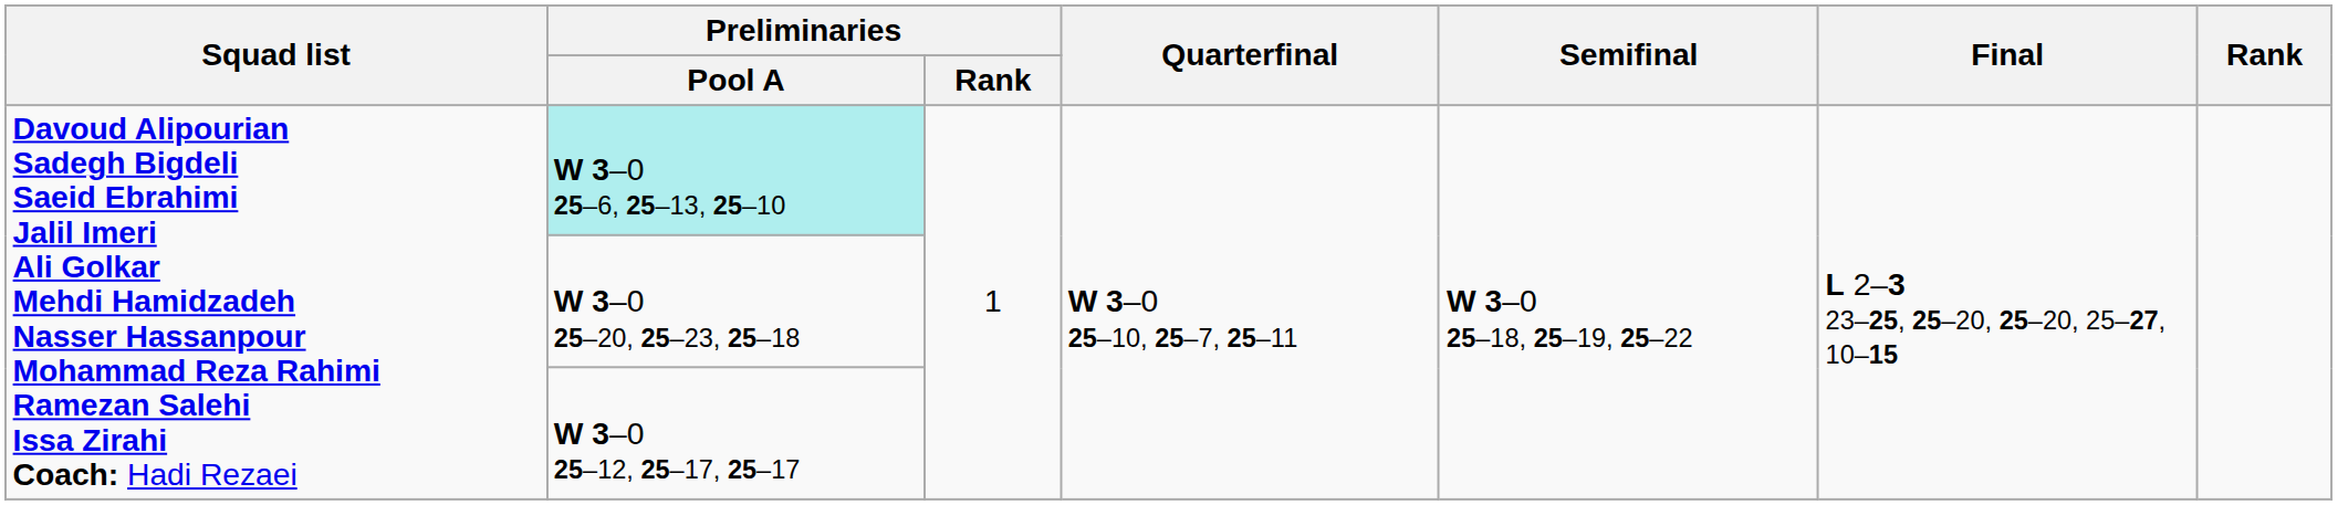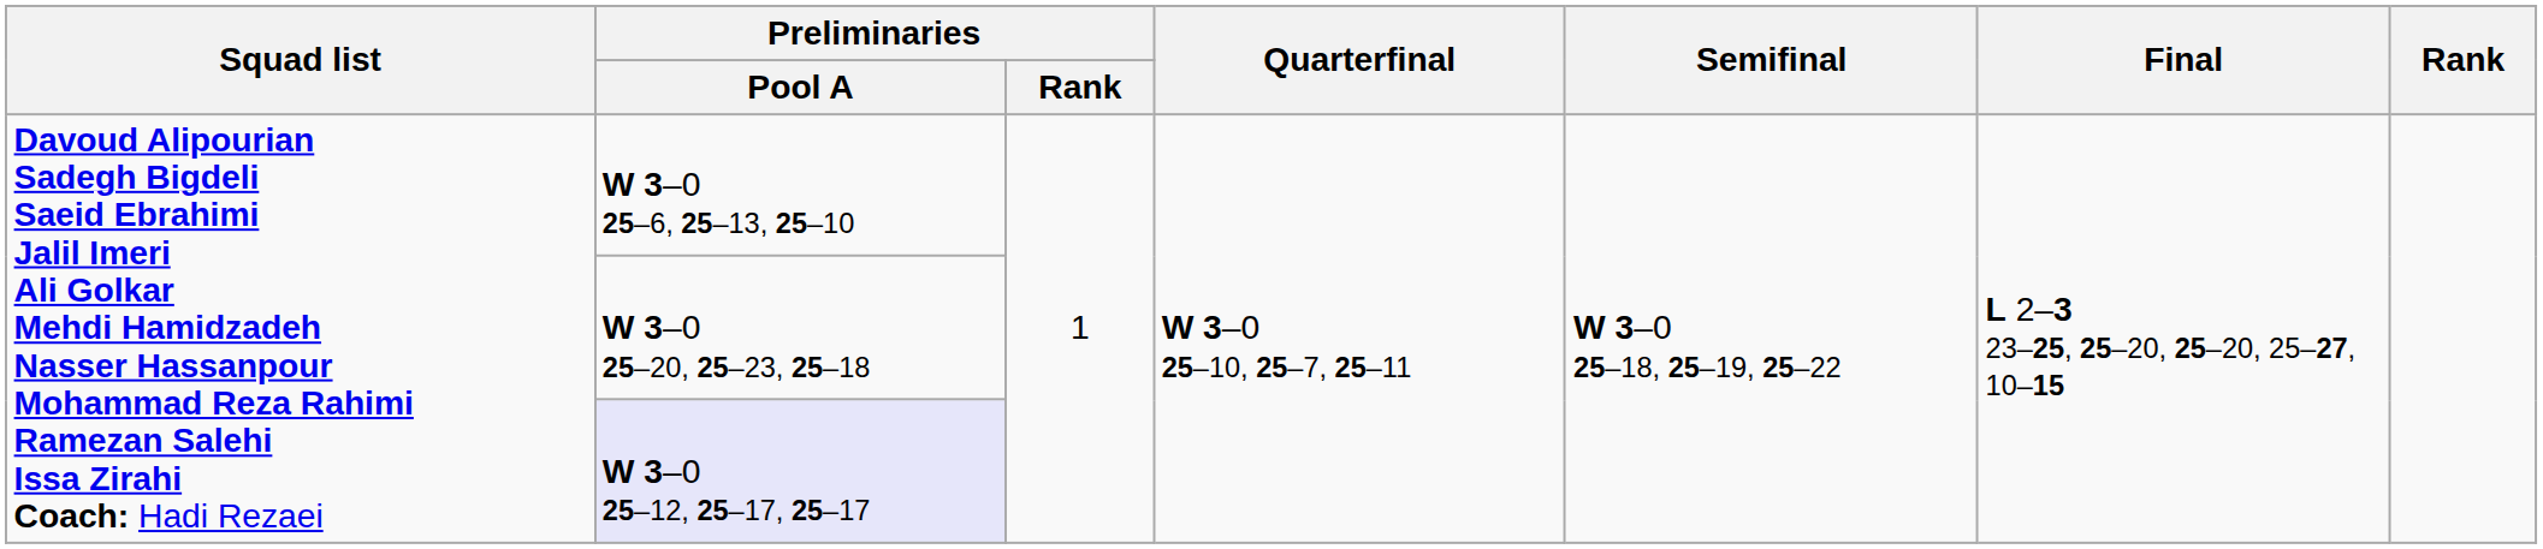 <table class="wikitable" width="85%" style="text-align:left; font-size:90%">
 <tr>
 <th rowspan="2" width="20%">Squad list</th>
 <th colspan="2">Preliminaries</th>
 <th rowspan="2" width="14%">Quarterfinal</th>
 <th rowspan="2" width="14%">Semifinal</th>
 <th rowspan="2" width="14%">Final</th>
 <th rowspan="2" width="5%">Rank</th>
 </tr>
 <tr>
 <th width="14%">Pool A</th>
 <th width="5%">Rank</th>
 </tr>
 <tr>
 <td rowspan="3"><strong><a href='#'>Davoud Alipourian</a><br><a href='#'>Sadegh Bigdeli</a><br><a href='#'>Saeid Ebrahimi</a><br><a href='#'>Jalil Imeri</a><br><a href='#'>Ali Golkar</a><br><a href='#'>Mehdi Hamidzadeh</a><br><a href='#'>Nasser Hassanpour</a><br><a href='#'>Mohammad Reza Rahimi</a><br><a href='#'>Ramezan Salehi</a><br><a href='#'>Issa Zirahi</a><br>Coach:</strong> <a href='#'>Hadi Rezaei</a></td>
-<td style="background: paleturquoise;"><br><strong>W</strong> <strong>3</strong>–0<br><small><strong>25</strong>–6, <strong>25</strong>–13, <strong>25</strong>–10</small></td>
+<td><br><strong>W</strong> <strong>3</strong>–0<br><small><strong>25</strong>–6, <strong>25</strong>–13, <strong>25</strong>–10</small></td>
 <td rowspan="3" align=center>1 <strong></strong></td>
 <td rowspan="3"><br><strong>W</strong> <strong>3</strong>–0<br><small><strong>25</strong>–10, <strong>25</strong>–7, <strong>25</strong>–11</small></td>
 <td rowspan="3"><br><strong>W</strong> <strong>3</strong>–0<br><small><strong>25</strong>–18, <strong>25</strong>–19, <strong>25</strong>–22</small></td>
 <td rowspan="3"><br><strong>L</strong> 2–<strong>3</strong><br><small>23–<strong>25</strong>, <strong>25</strong>–20, <strong>25</strong>–20, 25–<strong>27</strong>, 10–<strong>15</strong></small></td>
 <td rowspan="3" align="center"></td>
 </tr>
 <tr>
 <td><br><strong>W</strong> <strong>3</strong>–0<br><small><strong>25</strong>–20, <strong>25</strong>–23, <strong>25</strong>–18</small></td>
 </tr>
 <tr>
-<td><br><strong>W</strong> <strong>3</strong>–0<br><small><strong>25</strong>–12, <strong>25</strong>–17, <strong>25</strong>–17</small></td>
+<td style="background: lavender;"><br><strong>W</strong> <strong>3</strong>–0<br><small><strong>25</strong>–12, <strong>25</strong>–17, <strong>25</strong>–17</small></td>
 </tr>
 </table>
